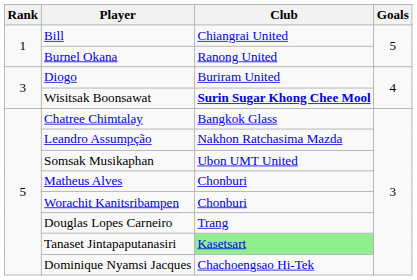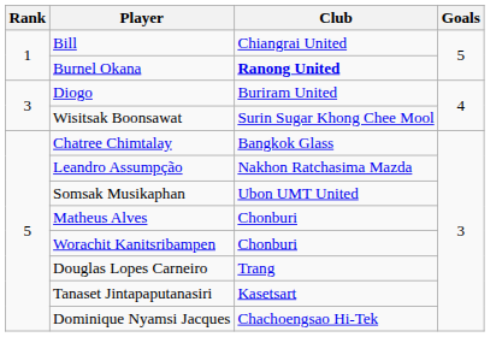 <table class="wikitable sortable" style="text-align:center">
 <tr>
 <th>Rank</th>
 <th>Player</th>
 <th>Club</th>
 <th>Goals</th>
 </tr>
 <tr>
 <td rowspan="2">1</td>
 <td align=left> <a href='#'>Bill</a></td>
 <td align=left><a href='#'>Chiangrai United</a></td>
 <td rowspan="2">5</td>
 </tr>
 <tr>
 <td align=left> <a href='#'>Burnel Okana</a></td>
-<td align=left><a href='#'>Ranong United</a></td>
+<td align=left><strong><a href='#'>Ranong United</a></strong></td>
 </tr>
 <tr>
 <td rowspan="2">3</td>
 <td align=left> <a href='#'>Diogo</a></td>
 <td align=left><a href='#'>Buriram United</a></td>
 <td rowspan="2">4</td>
 </tr>
 <tr>
 <td align=left> Wisitsak Boonsawat</td>
-<td align=left><strong><a href='#'>Surin Sugar Khong Chee Mool</a></strong></td>
+<td align=left><a href='#'>Surin Sugar Khong Chee Mool</a></td>
 </tr>
 <tr>
 <td rowspan="8">5</td>
 <td align=left> <a href='#'>Chatree Chimtalay</a></td>
 <td align=left><a href='#'>Bangkok Glass</a></td>
 <td rowspan="8">3</td>
 </tr>
 <tr>
 <td align=left> <a href='#'>Leandro Assumpção</a></td>
 <td align=left><a href='#'>Nakhon Ratchasima Mazda</a></td>
 </tr>
 <tr>
 <td align=left> Somsak Musikaphan</td>
 <td align=left><a href='#'>Ubon UMT United</a></td>
 </tr>
 <tr>
 <td align=left> <a href='#'>Matheus Alves</a></td>
 <td align=left><a href='#'>Chonburi</a></td>
 </tr>
 <tr>
 <td align=left> <a href='#'>Worachit Kanitsribampen</a></td>
 <td align=left><a href='#'>Chonburi</a></td>
 </tr>
 <tr>
 <td align=left> Douglas Lopes Carneiro</td>
 <td align=left><a href='#'>Trang</a></td>
 </tr>
 <tr>
 <td align=left> Tanaset Jintapaputanasiri</td>
-<td align=left style="background: lightgreen;"><a href='#'>Kasetsart</a></td>
+<td align=left><a href='#'>Kasetsart</a></td>
 </tr>
 <tr>
 <td align=left> Dominique Nyamsi Jacques</td>
 <td align=left><a href='#'>Chachoengsao Hi-Tek</a></td>
 </tr>
 </table>
